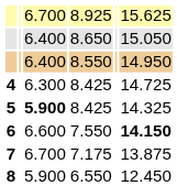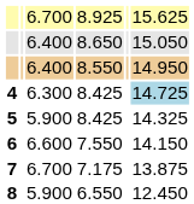 <table>
 <tr bgcolor=fffcaf>
 <td></td>
 <td align=left></td>
 <td>6.700</td>
 <td>8.925</td>
 <td></td>
 <td>15.625</td>
 </tr>
 <tr bgcolor=e5e5e5>
 <td></td>
 <td align=left></td>
 <td>6.400</td>
 <td>8.650</td>
 <td></td>
 <td>15.050</td>
 </tr>
 <tr bgcolor=eecc99>
 <td></td>
 <td align=left></td>
 <td>6.400</td>
 <td>8.550</td>
 <td></td>
 <td>14.950</td>
 </tr>
 <tr>
 <th>4</th>
 <td align=left></td>
 <td>6.300</td>
 <td>8.425</td>
 <td></td>
-<td>14.725</td>
+<td style="background: lightblue;">14.725</td>
 </tr>
 <tr>
 <th>5</th>
 <td align=left></td>
-<td><strong>5.900</strong></td>
+<td>5.900</td>
 <td>8.425</td>
 <td></td>
 <td>14.325</td>
 </tr>
 <tr>
 <th>6</th>
 <td align=left></td>
 <td>6.600</td>
 <td>7.550</td>
 <td></td>
-<td><strong>14.150</strong></td>
+<td>14.150</td>
 </tr>
 <tr>
 <th>7</th>
 <td align=left></td>
 <td>6.700</td>
 <td>7.175</td>
 <td></td>
 <td>13.875</td>
 </tr>
 <tr>
 <th>8</th>
 <td align=left></td>
 <td>5.900</td>
 <td>6.550</td>
 <td></td>
 <td>12.450</td>
 </tr>
 <tr>
 </tr>
 </table>
